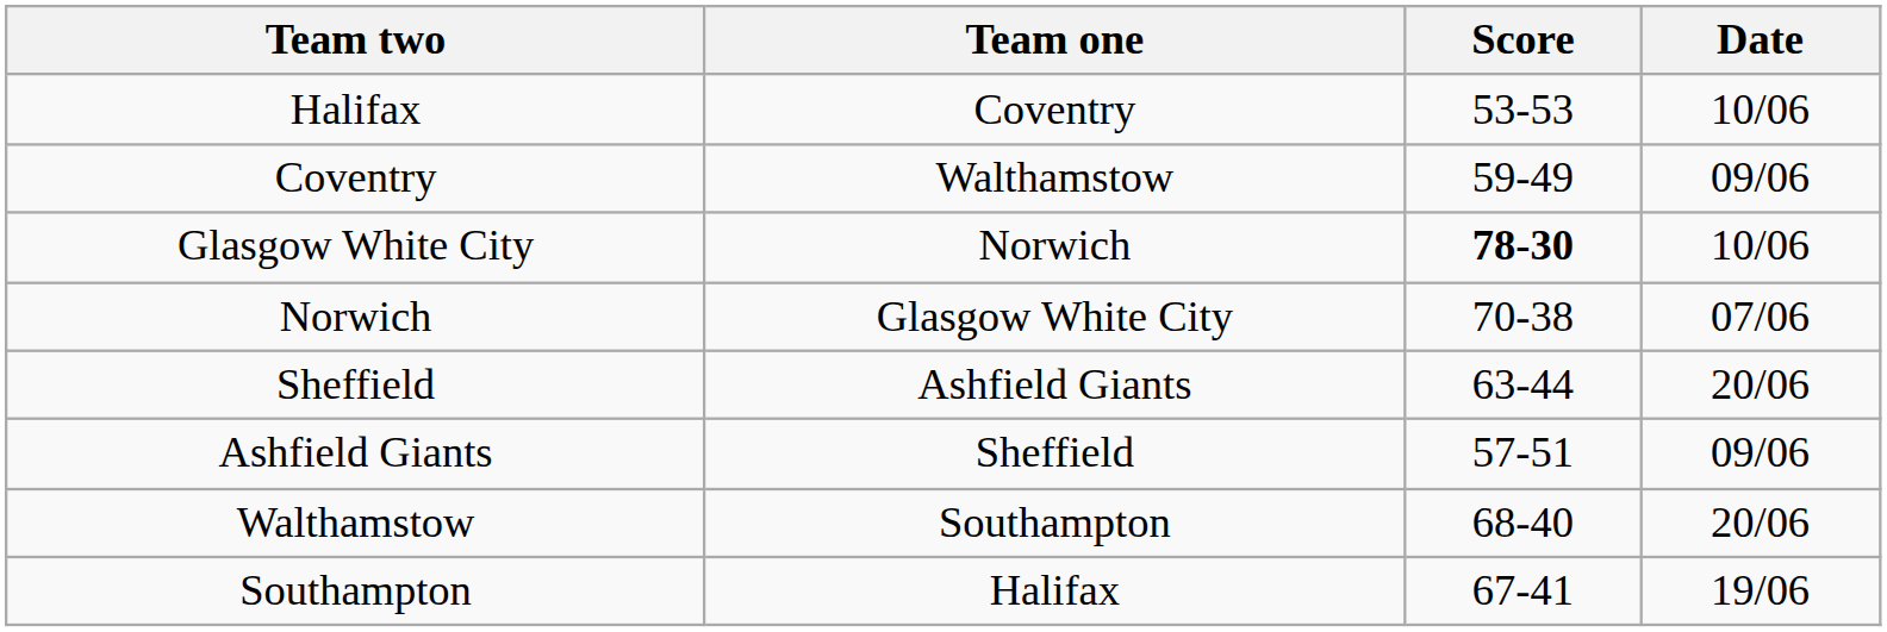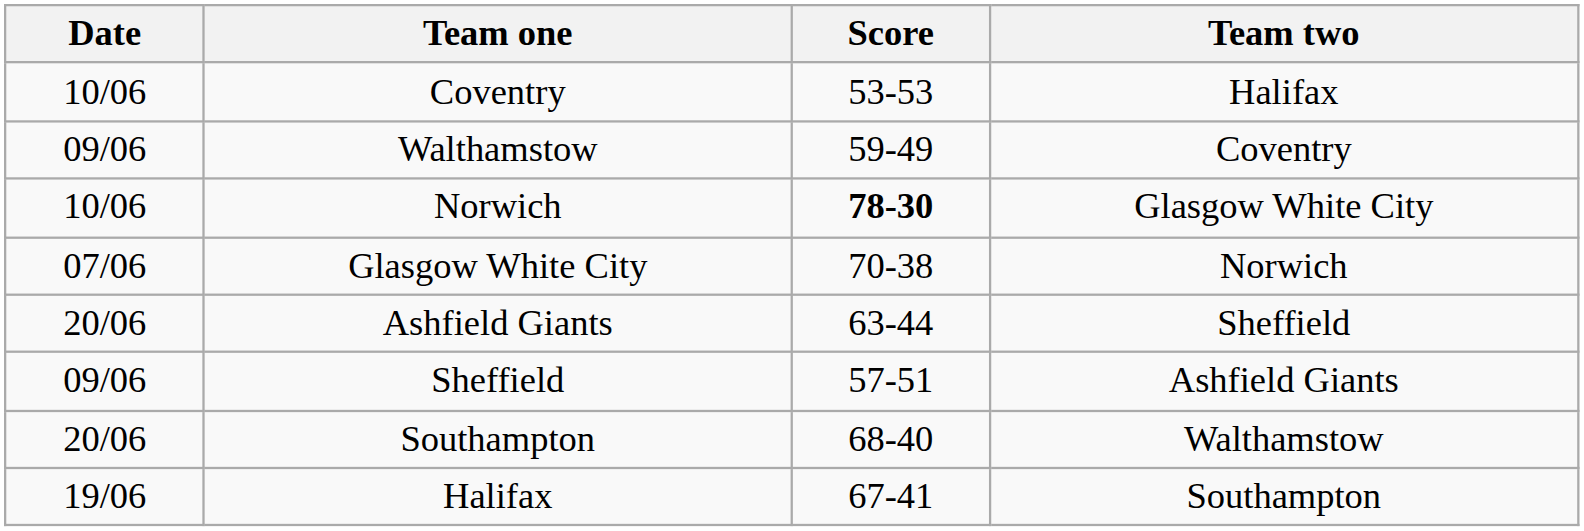 <table class="wikitable" style="text-align: center">
 <tr>
-<th width=250>Team two</th>
+<th width=80>Date</th>
 <th width=250>Team one</th>
 <th width=80>Score</th>
-<th width=80>Date</th>
+<th width=250>Team two</th>
 </tr>
 <tr>
-<td>Halifax</td>
+<td>10/06</td>
 <td>Coventry</td>
 <td>53-53</td>
-<td>10/06</td>
+<td>Halifax</td>
 </tr>
 <tr>
-<td>Coventry</td>
+<td>09/06</td>
 <td>Walthamstow</td>
 <td>59-49</td>
-<td>09/06</td>
+<td>Coventry</td>
 </tr>
 <tr>
-<td>Glasgow White City</td>
+<td>10/06</td>
 <td>Norwich</td>
 <td><strong>78-30</strong></td>
-<td>10/06</td>
+<td>Glasgow White City</td>
 </tr>
 <tr>
-<td>Norwich</td>
+<td>07/06</td>
 <td>Glasgow White City</td>
 <td>70-38</td>
-<td>07/06</td>
+<td>Norwich</td>
 </tr>
 <tr>
-<td>Sheffield</td>
+<td>20/06</td>
 <td>Ashfield Giants</td>
 <td>63-44</td>
-<td>20/06</td>
+<td>Sheffield</td>
 </tr>
 <tr>
-<td>Ashfield Giants</td>
+<td>09/06</td>
 <td>Sheffield</td>
 <td>57-51</td>
-<td>09/06</td>
+<td>Ashfield Giants</td>
 </tr>
 <tr>
-<td>Walthamstow</td>
+<td>20/06</td>
 <td>Southampton</td>
 <td>68-40</td>
-<td>20/06</td>
+<td>Walthamstow</td>
 </tr>
 <tr>
-<td>Southampton</td>
+<td>19/06</td>
 <td>Halifax</td>
 <td>67-41</td>
-<td>19/06</td>
+<td>Southampton</td>
 </tr>
 </table>
